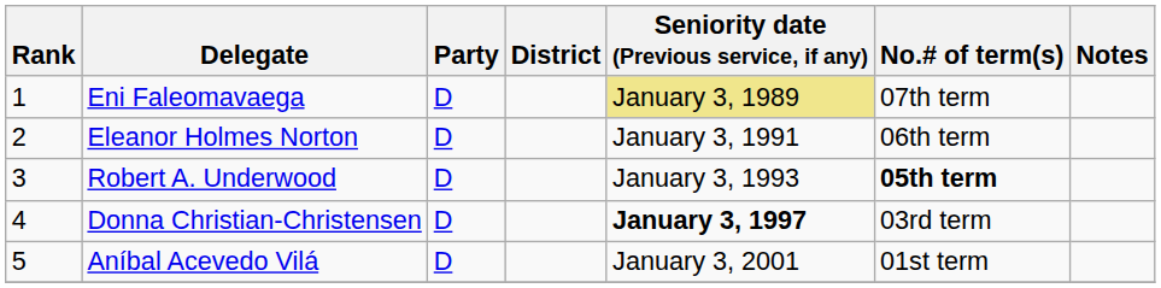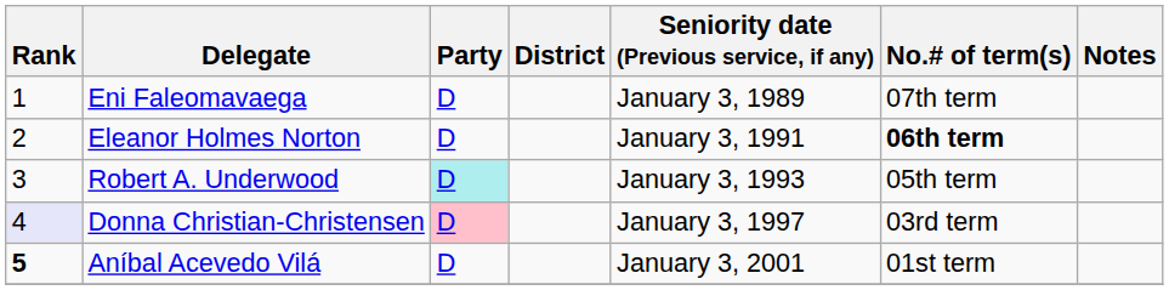 <table class="wikitable sortable">
 <tr valign=bottom>
 <th>Rank</th>
 <th>Delegate</th>
 <th>Party</th>
 <th>District</th>
 <th>Seniority date<br><small>(Previous service, if any)</small><br></th>
 <th>No.# of term(s)</th>
 <th>Notes</th>
 </tr>
 <tr>
 <td>1</td>
 <td><a href='#'>Eni Faleomavaega</a></td>
 <td><a href='#'>D</a></td>
 <td></td>
-<td style="background: khaki;">January 3, 1989</td>
+<td>January 3, 1989</td>
 <td>07th term</td>
 <td></td>
 </tr>
 <tr>
 <td>2</td>
 <td><a href='#'>Eleanor Holmes Norton</a></td>
 <td><a href='#'>D</a></td>
 <td></td>
 <td>January 3, 1991</td>
-<td>06th term</td>
+<td><strong>06th term</strong></td>
 <td></td>
 </tr>
 <tr>
 <td>3</td>
 <td><a href='#'>Robert A. Underwood</a></td>
-<td><a href='#'>D</a></td>
+<td style="background: paleturquoise;"><a href='#'>D</a></td>
 <td></td>
 <td>January 3, 1993</td>
-<td><strong>05th term</strong></td>
+<td>05th term</td>
 <td></td>
 </tr>
 <tr>
-<td>4</td>
+<td style="background: lavender;">4</td>
 <td><a href='#'>Donna Christian-Christensen</a></td>
-<td><a href='#'>D</a></td>
+<td style="background: pink;"><a href='#'>D</a></td>
 <td></td>
-<td><strong>January 3, 1997</strong></td>
+<td>January 3, 1997</td>
 <td>03rd term</td>
 <td></td>
 </tr>
 <tr>
-<td>5</td>
+<td><strong>5</strong></td>
 <td><a href='#'>Aníbal Acevedo Vilá</a></td>
 <td><a href='#'>D</a></td>
 <td></td>
 <td>January 3, 2001</td>
 <td>01st term</td>
 <td></td>
 </tr>
 <tr>
 </tr>
 </table>
